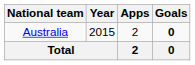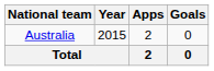 <table class=wikitable style=text-align:center>
 <tr>
 <th>National team</th>
 <th>Year</th>
 <th>Apps</th>
 <th>Goals</th>
 </tr>
 <tr>
 <td><a href='#'>Australia</a></td>
 <td>2015</td>
 <td>2</td>
-<td><strong>0</strong></td>
+<td>0</td>
 </tr>
 <tr>
 <th colspan=2>Total</th>
 <th>2</th>
 <th>0</th>
 </tr>
 </table>
